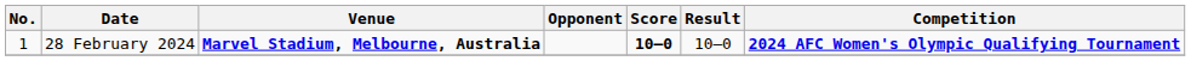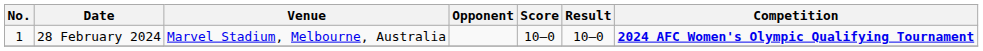 <table class="wikitable sortable">
 <tr>
 <th scope="col">No.</th>
 <th scope="col" data-sort-type="date">Date</th>
 <th scope="col">Venue</th>
 <th scope="col">Opponent</th>
 <th scope="col" class="unsortable">Score</th>
 <th scope="col" class="unsortable">Result</th>
 <th scope="col">Competition</th>
 </tr>
 <tr>
 <td align="center">1</td>
 <td>28 February 2024</td>
-<td><strong><a href='#'>Marvel Stadium</a>, <a href='#'>Melbourne</a>, Australia</strong></td>
+<td><a href='#'>Marvel Stadium</a>, <a href='#'>Melbourne</a>, Australia</td>
 <td></td>
-<td align="center"><strong>10–0</strong></td>
+<td align="center">10–0</td>
 <td align="center">10–0</td>
 <td><strong><a href='#'>2024 AFC Women's Olympic Qualifying Tournament</a></strong></td>
 </tr>
 <tr>
 </tr>
 </table>
